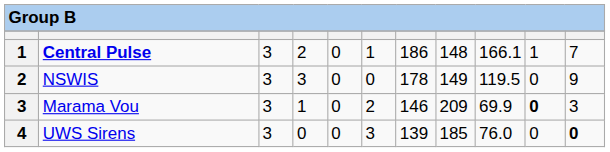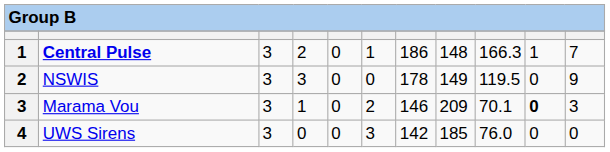 <table class="wikitable collapsible">
 <tr>
 <td colspan=11 style="background-color:#ABCDEF"><strong>Group B</strong></td>
 </tr>
 <tr>
 </tr>
 <tr>
 <th width="25"></th>
 <th width="200"></th>
 <th width="25"></th>
 <th width="25"></th>
 <th width="25"></th>
 <th width="25"></th>
 <th width="30"></th>
 <th width="30"></th>
 <th width="30"></th>
 <th width="30"></th>
 <th width="30"></th>
 </tr>
 <tr style="background:#">
 <th>1</th>
 <td style="text-align:left;"> <strong><a href='#'>Central Pulse</a></strong></td>
 <td>3</td>
 <td>2</td>
 <td>0</td>
 <td>1</td>
 <td>186</td>
 <td>148</td>
-<td>166.1</td>
+<td>166.3</td>
 <td>1</td>
 <td>7</td>
 </tr>
 <tr style="background:#">
 <th>2</th>
 <td style="text-align:left;"> <a href='#'>NSWIS</a></td>
 <td>3</td>
 <td>3</td>
 <td>0</td>
 <td>0</td>
 <td>178</td>
 <td>149</td>
 <td>119.5</td>
 <td>0</td>
 <td>9</td>
 </tr>
 <tr style="background:#">
 <th>3</th>
 <td style="text-align:left;"> <a href='#'>Marama Vou</a></td>
 <td>3</td>
 <td>1</td>
 <td>0</td>
 <td>2</td>
 <td>146</td>
 <td>209</td>
-<td>69.9</td>
+<td>70.1</td>
 <td><strong>0</strong></td>
 <td>3</td>
 </tr>
 <tr style="background:#">
 <th>4</th>
 <td style="text-align:left;"> <a href='#'>UWS Sirens</a></td>
 <td>3</td>
 <td>0</td>
 <td>0</td>
 <td>3</td>
-<td>139</td>
+<td>142</td>
 <td>185</td>
 <td>76.0</td>
 <td>0</td>
-<td><strong>0</strong></td>
+<td>0</td>
 </tr>
 </table>
